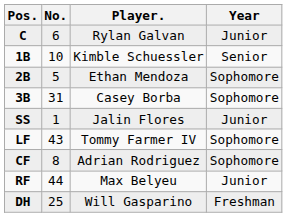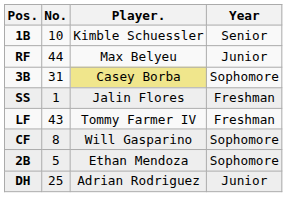 <table class="wikitable non-sortable">
 <tr>
 <th style="text-align:center; ">Pos.</th>
 <th style="text-align:center; ">No.</th>
 <th style="text-align:center; ">Player.</th>
 <th style="text-align:center; ">Year</th>
 </tr>
-<tr style="background:#eeeeee;text-align:center;">
-<td><strong>C</strong></td>
-<td>6</td>
-<td>Rylan Galvan</td>
-<td>Junior</td>
-</tr>
 <tr style="text-align:center;">
 <td><strong>1B</strong></td>
 <td>10</td>
 <td>Kimble Schuessler</td>
 <td>Senior</td>
+</tr>
+<tr style="text-align:center;">
+<td><strong>RF</strong></td>
+<td>44</td>
+<td>Max Belyeu</td>
+<td>Junior</td>
+</tr>
+<tr style="text-align:center;">
+<td><strong>3B</strong></td>
+<td>31</td>
+<td style="background: khaki;">Casey Borba</td>
+<td>Sophomore</td>
+</tr>
+<tr style="background:#eeeeee;text-align:center;">
+<td><strong>SS</strong></td>
+<td>1</td>
+<td>Jalin Flores</td>
+<td>Freshman</td>
+</tr>
+<tr style="text-align:center;">
+<td><strong>LF</strong></td>
+<td>43</td>
+<td>Tommy Farmer IV</td>
+<td>Freshman</td>
+</tr>
+<tr style="background:#eeeeee;text-align:center;">
+<td><strong>CF</strong></td>
+<td>8</td>
+<td>Will Gasparino</td>
+<td>Sophomore</td>
 </tr>
 <tr style="background:#eeeeee;text-align:center;">
 <td><strong>2B</strong></td>
 <td>5</td>
 <td>Ethan Mendoza</td>
 <td>Sophomore</td>
 </tr>
-<tr style="text-align:center;">
-<td><strong>3B</strong></td>
-<td>31</td>
-<td>Casey Borba</td>
-<td>Sophomore</td>
-</tr>
-<tr style="background:#eeeeee;text-align:center;">
-<td><strong>SS</strong></td>
-<td>1</td>
-<td>Jalin Flores</td>
-<td>Junior</td>
-</tr>
-<tr style="text-align:center;">
-<td><strong>LF</strong></td>
-<td>43</td>
-<td>Tommy Farmer IV</td>
-<td>Sophomore</td>
-</tr>
-<tr style="background:#eeeeee;text-align:center;">
-<td><strong>CF</strong></td>
-<td>8</td>
-<td>Adrian Rodriguez</td>
-<td>Sophomore</td>
-</tr>
-<tr style="text-align:center;">
-<td><strong>RF</strong></td>
-<td>44</td>
-<td>Max Belyeu</td>
-<td>Junior</td>
-</tr>
 <tr style="background:#eeeeee;text-align:center;">
 <td><strong>DH</strong></td>
 <td>25</td>
-<td>Will Gasparino</td>
-<td>Freshman</td>
+<td>Adrian Rodriguez</td>
+<td>Junior</td>
 </tr>
 </table>
